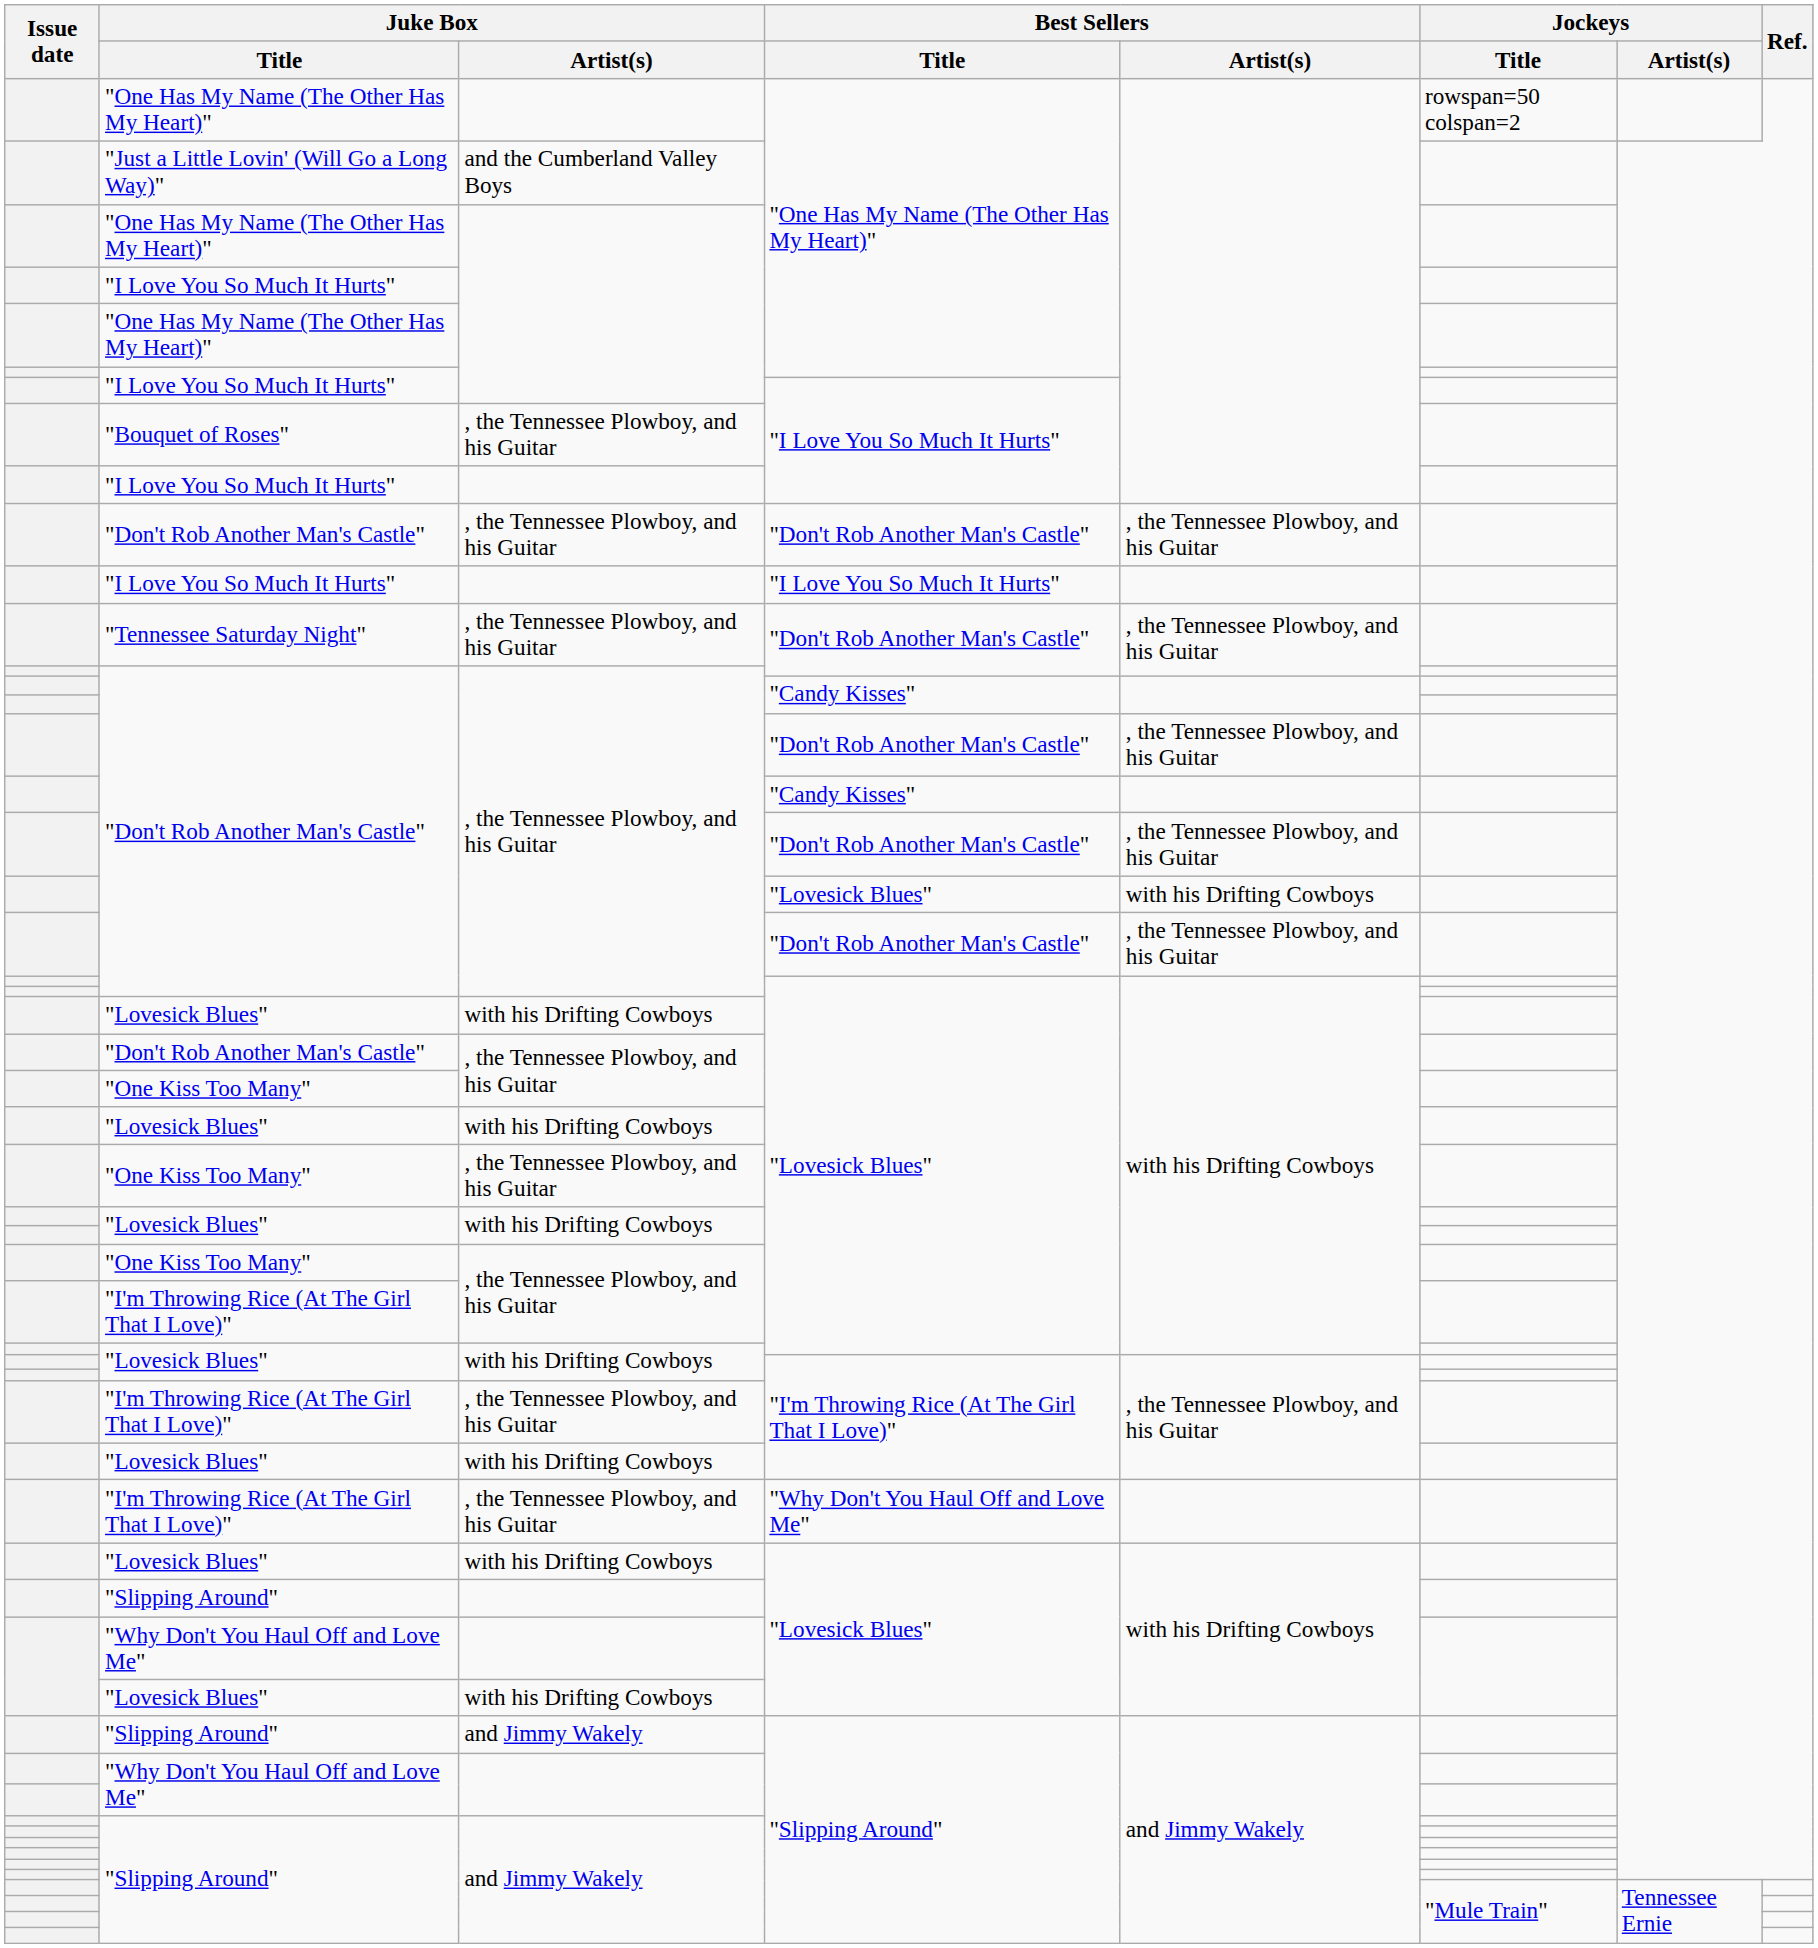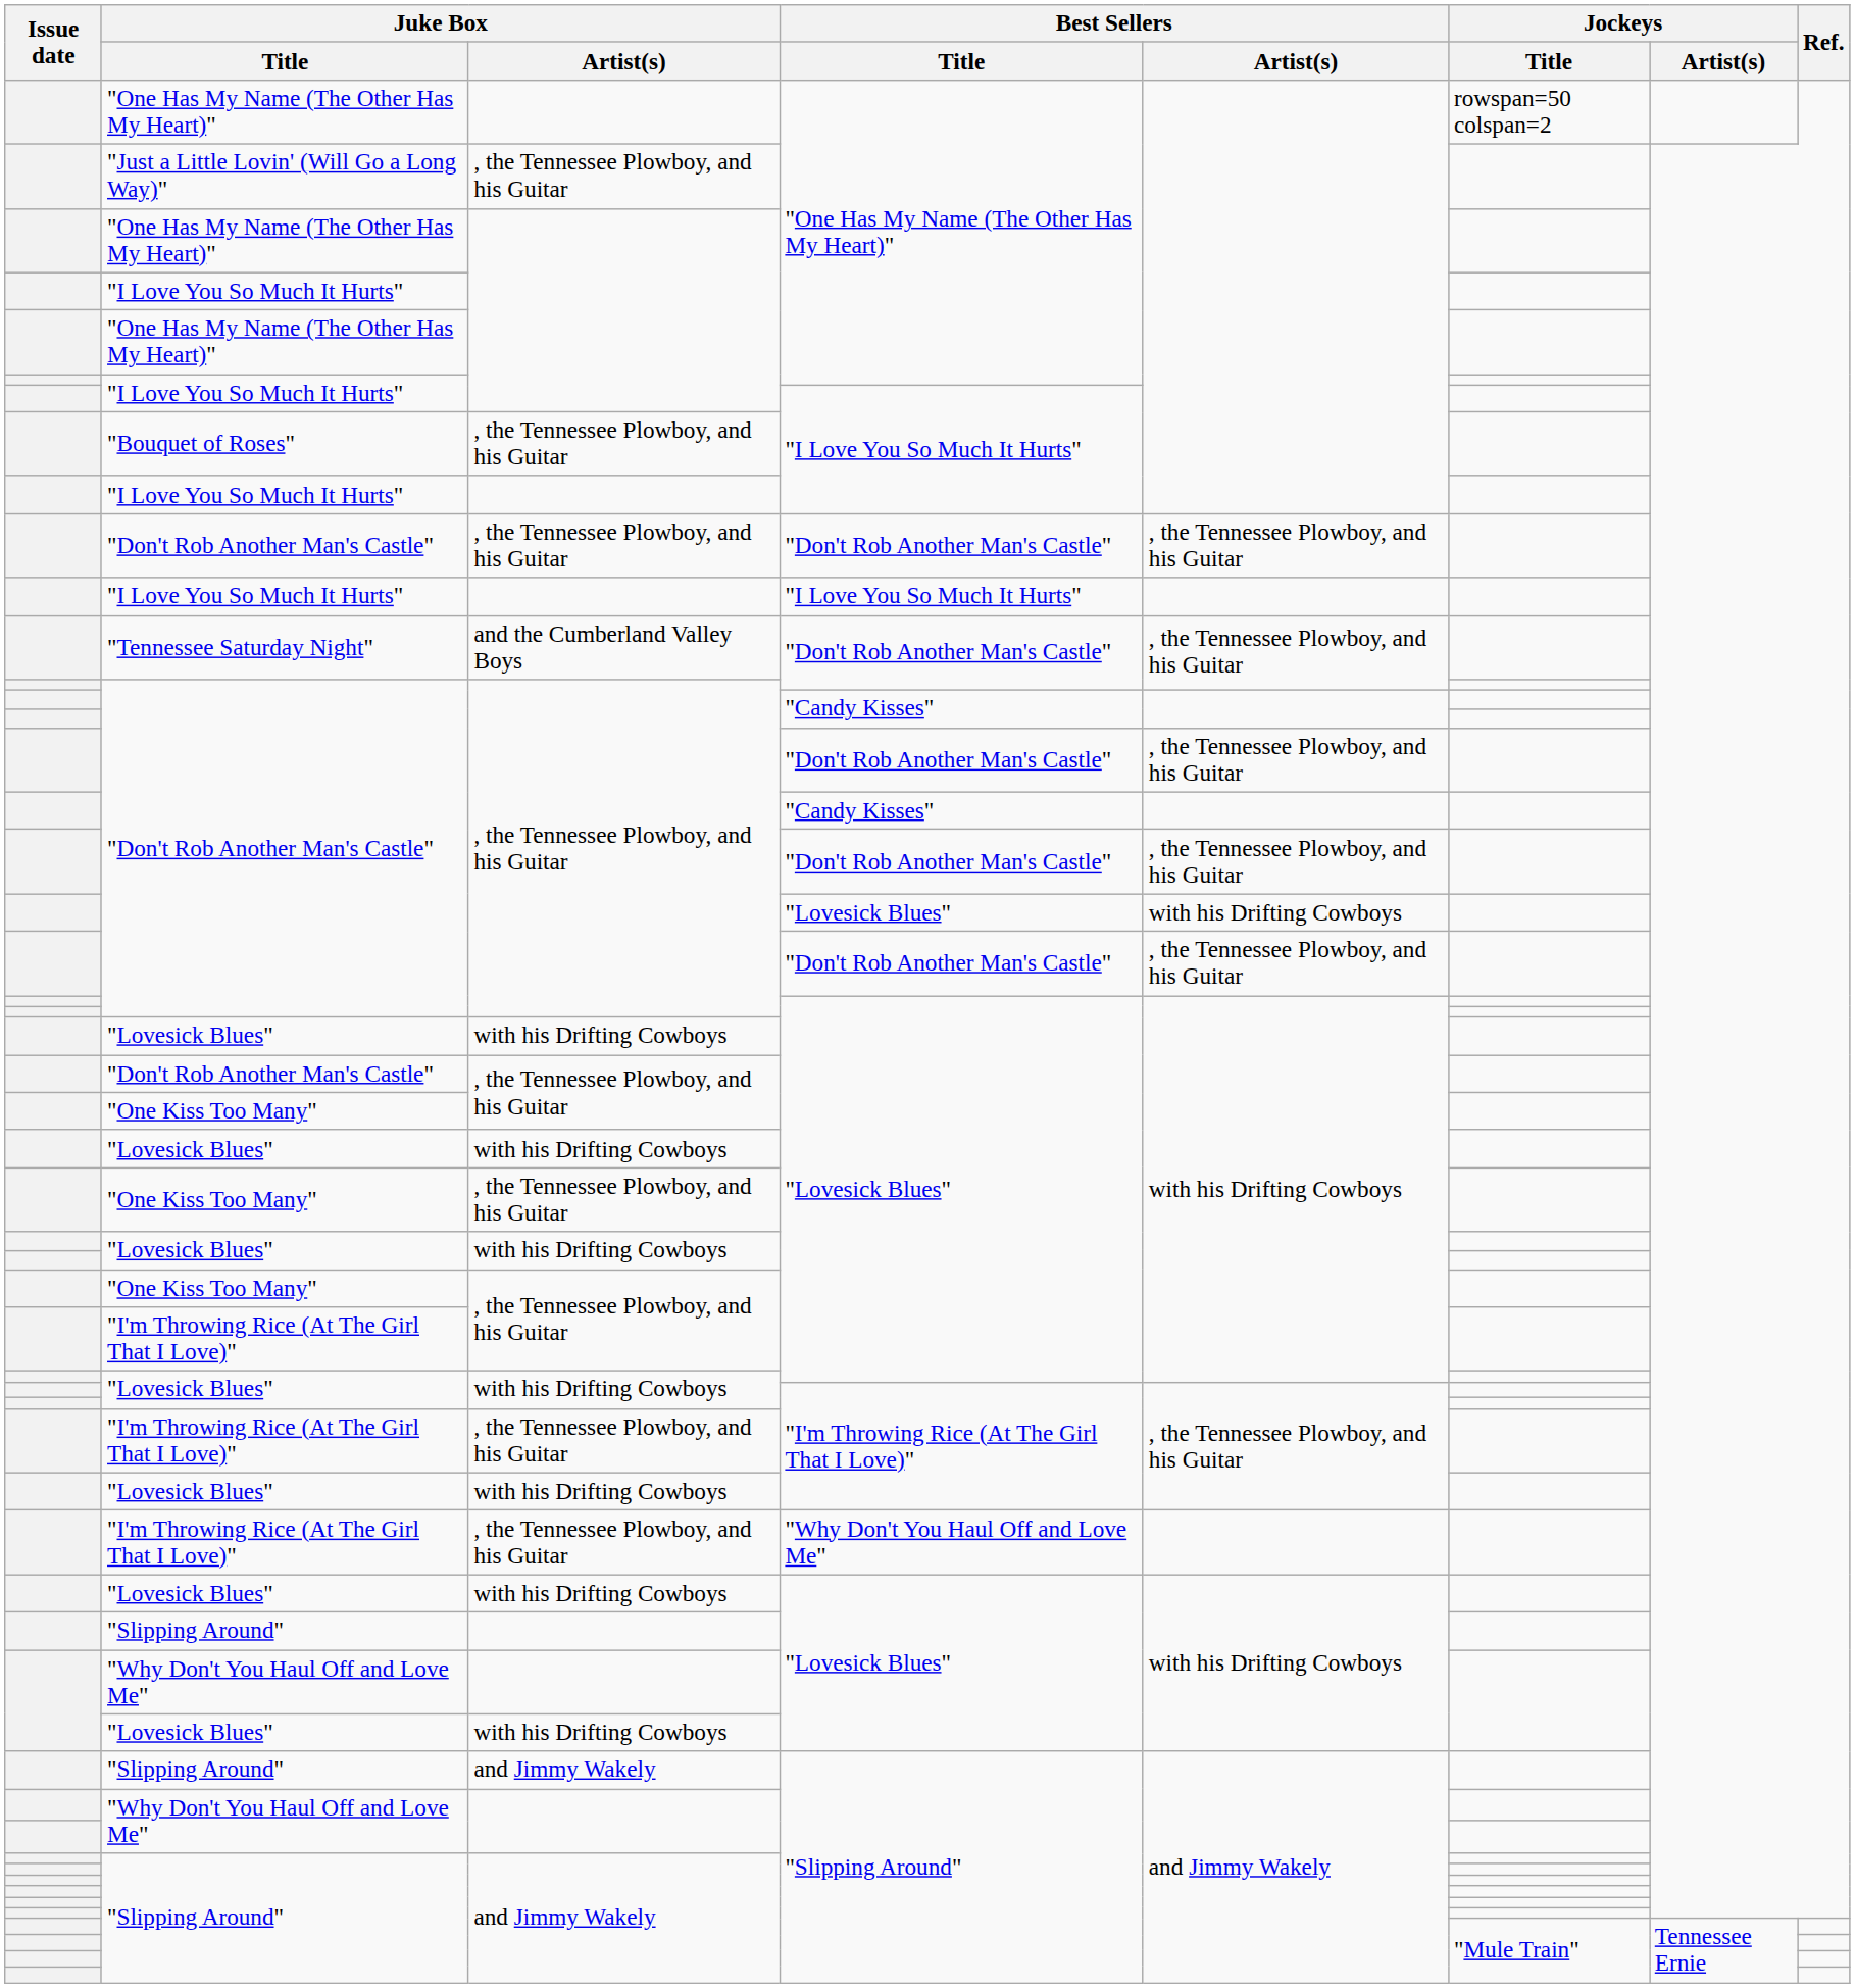 <table class="wikitable sortable plainrowheaders">
 <tr>
 <th scope=col rowspan=2>Issue date</th>
 <th scope=col colspan=2>Juke Box</th>
 <th scope=col colspan=2>Best Sellers</th>
 <th scope=col colspan=2>Jockeys</th>
 <th scope=col rowspan=2 class=unsortable>Ref.</th>
 </tr>
 <tr>
 <th scope=col>Title</th>
 <th scope=col>Artist(s)</th>
 <th scope=col>Title</th>
 <th scope=col>Artist(s)</th>
 <th scope=col>Title</th>
 <th scope=col>Artist(s)</th>
 </tr>
 <tr>
 <th scope=row></th>
 <td rowspan="1">"<a href='#'>One Has My Name (The Other Has My Heart)</a>"</td>
 <td rowspan="1"></td>
 <td rowspan=6>"<a href='#'>One Has My Name (The Other Has My Heart)</a>"</td>
 <td rowspan=9></td>
 <td>rowspan=50 colspan=2 </td>
 <td align=center></td>
 </tr>
 <tr>
 <th scope=row></th>
 <td rowspan="1">"<a href='#'>Just a Little Lovin' (Will Go a Long Way)</a>"</td>
-<td> and the Cumberland Valley Boys</td>
+<td>, the Tennessee Plowboy, and his Guitar</td>
 <td align=center></td>
 </tr>
 <tr>
 <th scope=row></th>
 <td rowspan="1">"<a href='#'>One Has My Name (The Other Has My Heart)</a>"</td>
 <td rowspan="5"></td>
 <td align=center></td>
 </tr>
 <tr>
 <th scope=row></th>
 <td rowspan=1>"<a href='#'>I Love You So Much It Hurts</a>"</td>
 <td align=center></td>
 </tr>
 <tr>
 <th scope=row></th>
 <td rowspan="1">"<a href='#'>One Has My Name (The Other Has My Heart)</a>"</td>
 <td align=center></td>
 </tr>
 <tr>
 <th scope=row></th>
 <td rowspan=2>"<a href='#'>I Love You So Much It Hurts</a>"</td>
 <td align=center></td>
 </tr>
 <tr>
 <th scope=row></th>
 <td rowspan=3>"<a href='#'>I Love You So Much It Hurts</a>"</td>
 <td align=center></td>
 </tr>
 <tr>
 <th scope=row></th>
 <td>"<a href='#'>Bouquet of Roses</a>"</td>
 <td>, the Tennessee Plowboy, and his Guitar</td>
 <td align=center></td>
 </tr>
 <tr>
 <th scope=row></th>
 <td rowspan=1>"<a href='#'>I Love You So Much It Hurts</a>"</td>
 <td rowspan=1></td>
 <td align=center></td>
 </tr>
 <tr>
 <th scope=row></th>
 <td>"<a href='#'>Don't Rob Another Man's Castle</a>"</td>
 <td>, the Tennessee Plowboy, and his Guitar</td>
 <td>"<a href='#'>Don't Rob Another Man's Castle</a>"</td>
 <td>, the Tennessee Plowboy, and his Guitar</td>
 <td align=center></td>
 </tr>
 <tr>
 <th scope=row></th>
 <td>"<a href='#'>I Love You So Much It Hurts</a>"</td>
 <td></td>
 <td>"<a href='#'>I Love You So Much It Hurts</a>"</td>
 <td></td>
 <td align=center></td>
 </tr>
 <tr>
 <th scope=row></th>
 <td>"<a href='#'>Tennessee Saturday Night</a>"</td>
-<td>, the Tennessee Plowboy, and his Guitar</td>
+<td> and the Cumberland Valley Boys</td>
 <td rowspan="2">"<a href='#'>Don't Rob Another Man's Castle</a>"</td>
 <td rowspan="2">, the Tennessee Plowboy, and his Guitar</td>
 <td align=center></td>
 </tr>
 <tr>
 <th scope=row></th>
 <td rowspan="10">"<a href='#'>Don't Rob Another Man's Castle</a>"</td>
 <td rowspan="10">, the Tennessee Plowboy, and his Guitar</td>
 <td align=center></td>
 </tr>
 <tr>
 <th scope=row></th>
 <td rowspan="2">"<a href='#'>Candy Kisses</a>"</td>
 <td rowspan=2></td>
 <td align=center></td>
 </tr>
 <tr>
 <th scope=row></th>
 <td align=center></td>
 </tr>
 <tr>
 <th scope=row></th>
 <td>"<a href='#'>Don't Rob Another Man's Castle</a>"</td>
 <td>, the Tennessee Plowboy, and his Guitar</td>
 <td align=center></td>
 </tr>
 <tr>
 <th scope=row></th>
 <td>"<a href='#'>Candy Kisses</a>"</td>
 <td></td>
 <td align=center></td>
 </tr>
 <tr>
 <th scope=row></th>
 <td>"<a href='#'>Don't Rob Another Man's Castle</a>"</td>
 <td>, the Tennessee Plowboy, and his Guitar</td>
 <td align=center></td>
 </tr>
 <tr>
 <th scope=row></th>
 <td>"<a href='#'>Lovesick Blues</a>"</td>
 <td> with his Drifting Cowboys</td>
 <td align=center></td>
 </tr>
 <tr>
 <th scope=row></th>
 <td>"<a href='#'>Don't Rob Another Man's Castle</a>"</td>
 <td>, the Tennessee Plowboy, and his Guitar</td>
 <td align=center></td>
 </tr>
 <tr>
 <th scope=row></th>
 <td rowspan="12">"<a href='#'>Lovesick Blues</a>"</td>
 <td rowspan=12> with his Drifting Cowboys</td>
 <td align=center></td>
 </tr>
 <tr>
 <th scope=row></th>
 <td align=center></td>
 </tr>
 <tr>
 <th scope=row></th>
 <td>"<a href='#'>Lovesick Blues</a>"</td>
 <td> with his Drifting Cowboys</td>
 <td align=center></td>
 </tr>
 <tr>
 <th scope=row></th>
 <td>"<a href='#'>Don't Rob Another Man's Castle</a>"</td>
 <td rowspan=2>, the Tennessee Plowboy, and his Guitar</td>
 <td align=center></td>
 </tr>
 <tr>
 <th scope=row></th>
 <td>"<a href='#'>One Kiss Too Many</a>"</td>
 <td align=center></td>
 </tr>
 <tr>
 <th scope=row></th>
 <td>"<a href='#'>Lovesick Blues</a>"</td>
 <td> with his Drifting Cowboys</td>
 <td align=center></td>
 </tr>
 <tr>
 <th scope=row></th>
 <td>"<a href='#'>One Kiss Too Many</a>"</td>
 <td>, the Tennessee Plowboy, and his Guitar</td>
 <td align=center></td>
 </tr>
 <tr>
 <th scope=row></th>
 <td rowspan="2">"<a href='#'>Lovesick Blues</a>"</td>
 <td rowspan="2"> with his Drifting Cowboys</td>
 <td align=center></td>
 </tr>
 <tr>
 <th scope=row></th>
 <td align=center></td>
 </tr>
 <tr>
 <th scope=row></th>
 <td>"<a href='#'>One Kiss Too Many</a>"</td>
 <td rowspan=2>, the Tennessee Plowboy, and his Guitar</td>
 <td align=center></td>
 </tr>
 <tr>
 <th scope=row></th>
 <td>"<a href='#'>I'm Throwing Rice (At The Girl That I Love)</a>"</td>
 <td align=center></td>
 </tr>
 <tr>
 <th scope=row></th>
 <td rowspan="3">"<a href='#'>Lovesick Blues</a>"</td>
 <td rowspan="3"> with his Drifting Cowboys</td>
 <td align=center></td>
 </tr>
 <tr>
 <th scope=row></th>
 <td rowspan="4">"<a href='#'>I'm Throwing Rice (At The Girl That I Love)</a>"</td>
 <td rowspan=4>, the Tennessee Plowboy, and his Guitar</td>
 <td align=center></td>
 </tr>
 <tr>
 <th scope=row></th>
 <td align=center></td>
 </tr>
 <tr>
 <th scope=row></th>
 <td>"<a href='#'>I'm Throwing Rice (At The Girl That I Love)</a>"</td>
 <td>, the Tennessee Plowboy, and his Guitar</td>
 <td align=center></td>
 </tr>
 <tr>
 <th scope=row></th>
 <td>"<a href='#'>Lovesick Blues</a>"</td>
 <td> with his Drifting Cowboys</td>
 <td align=center></td>
 </tr>
 <tr>
 <th scope=row></th>
 <td>"<a href='#'>I'm Throwing Rice (At The Girl That I Love)</a>"</td>
 <td>, the Tennessee Plowboy, and his Guitar</td>
 <td>"<a href='#'>Why Don't You Haul Off and Love Me</a>"</td>
 <td></td>
 <td align=center></td>
 </tr>
 <tr>
 <th scope=row></th>
 <td>"<a href='#'>Lovesick Blues</a>"</td>
 <td> with his Drifting Cowboys</td>
 <td rowspan="4">"<a href='#'>Lovesick Blues</a>"</td>
 <td rowspan=4> with his Drifting Cowboys</td>
 <td align=center></td>
 </tr>
 <tr>
 <th scope=row></th>
 <td>"<a href='#'>Slipping Around</a>"</td>
 <td></td>
 <td align=center></td>
 </tr>
 <tr>
 <th scope=row rowspan="2"></th>
 <td>"<a href='#'>Why Don't You Haul Off and Love Me</a>"</td>
 <td></td>
 <td align=center rowspan=2></td>
 </tr>
 <tr>
 <td>"<a href='#'>Lovesick Blues</a>"</td>
 <td> with his Drifting Cowboys</td>
 </tr>
 <tr>
 <th scope=row></th>
 <td>"<a href='#'>Slipping Around</a>"</td>
 <td> and <a href='#'>Jimmy Wakely</a></td>
 <td rowspan="13">"<a href='#'>Slipping Around</a>"</td>
 <td rowspan=13> and <a href='#'>Jimmy Wakely</a></td>
 <td align=center></td>
 </tr>
 <tr>
 <th scope=row></th>
 <td rowspan="2">"<a href='#'>Why Don't You Haul Off and Love Me</a>"</td>
 <td rowspan="2"></td>
 <td align=center></td>
 </tr>
 <tr>
 <th scope=row></th>
 <td align=center></td>
 </tr>
 <tr>
 <th scope=row></th>
 <td rowspan="10">"<a href='#'>Slipping Around</a>"</td>
 <td rowspan="10"> and <a href='#'>Jimmy Wakely</a></td>
 <td align=center></td>
 </tr>
 <tr>
 <th scope=row></th>
 <td align=center></td>
 </tr>
 <tr>
 <th scope=row></th>
 <td align=center></td>
 </tr>
 <tr>
 <th scope=row></th>
 <td align=center></td>
 </tr>
 <tr>
 <th scope=row></th>
 <td align=center></td>
 </tr>
 <tr>
 <th scope=row></th>
 <td align=center></td>
 </tr>
 <tr>
 <th scope=row></th>
 <td rowspan=4>"<a href='#'>Mule Train</a>"</td>
 <td rowspan=4><a href='#'>Tennessee Ernie</a></td>
 <td align=center></td>
 </tr>
 <tr>
 <th scope=row></th>
 <td align=center></td>
 </tr>
 <tr>
 <th scope=row></th>
 <td align=center></td>
 </tr>
 <tr>
 <th scope=row></th>
 <td align=center></td>
 </tr>
 </table>
